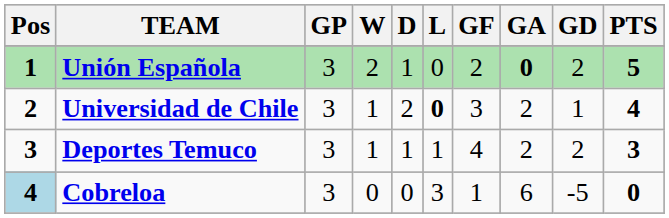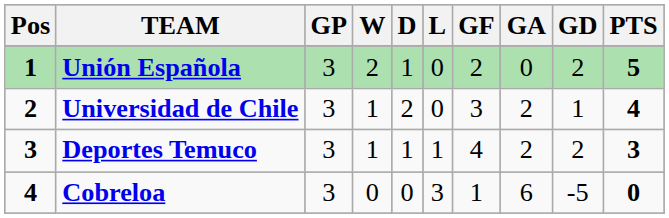 <table class="wikitable sortable">
 <tr>
 <th>Pos</th>
 <th>TEAM</th>
 <th>GP</th>
 <th>W</th>
 <th>D</th>
 <th>L</th>
 <th>GF</th>
 <th>GA</th>
 <th>GD</th>
 <th>PTS</th>
 </tr>
 <tr align=center>
 </tr>
 <tr align=center style="background:#ACE1AF;">
 <td><strong>1</strong></td>
 <td align=left><strong><a href='#'>Unión Española</a></strong></td>
 <td>3</td>
 <td>2</td>
 <td>1</td>
 <td>0</td>
 <td>2</td>
-<td><strong>0</strong></td>
+<td>0</td>
 <td>2</td>
 <td><strong>5</strong></td>
 </tr>
 <tr align=center>
 <td><strong>2</strong></td>
 <td align=left><strong><a href='#'>Universidad de Chile</a></strong></td>
 <td>3</td>
 <td>1</td>
 <td>2</td>
-<td><strong>0</strong></td>
+<td>0</td>
 <td>3</td>
 <td>2</td>
 <td>1</td>
 <td><strong>4</strong></td>
 </tr>
 <tr align=center>
 <td><strong>3</strong></td>
 <td align=left><strong><a href='#'>Deportes Temuco</a></strong></td>
 <td>3</td>
 <td>1</td>
 <td>1</td>
 <td>1</td>
 <td>4</td>
 <td>2</td>
 <td>2</td>
 <td><strong>3</strong></td>
 </tr>
 <tr align=center>
-<td style="background: lightblue;"><strong>4</strong></td>
+<td><strong>4</strong></td>
 <td align=left><strong><a href='#'>Cobreloa</a></strong></td>
 <td>3</td>
 <td>0</td>
 <td>0</td>
 <td>3</td>
 <td>1</td>
 <td>6</td>
 <td>-5</td>
 <td><strong>0</strong></td>
 </tr>
 </table>
